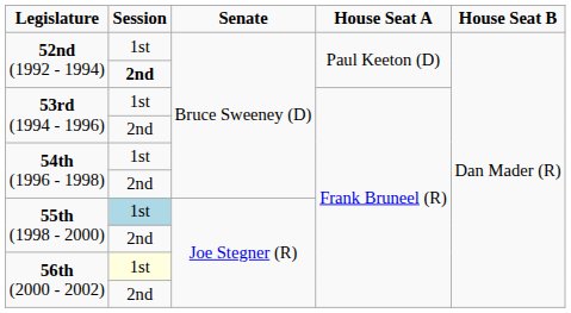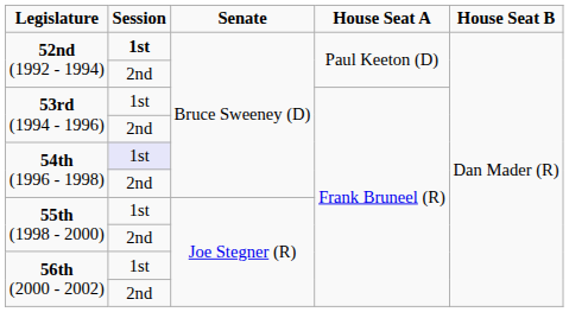 <table class=wikitable style="text-align:center">
 <tr>
 <td><strong>Legislature</strong></td>
 <td><strong>Session</strong></td>
 <td><strong>Senate</strong></td>
 <td><strong>House Seat A</strong></td>
 <td><strong>House Seat B</strong></td>
 </tr>
 <tr>
 <td rowspan="2" colspan="1" style="text-align: center;"><strong>52nd</strong> <br> (1992 - 1994)</td>
-<td>1st</td>
+<td><strong>1st</strong></td>
 <td rowspan="6" colspan="1" style="text-align: center;" >Bruce Sweeney (D)</td>
 <td rowspan="2" colspan="1" style="text-align: center;" >Paul Keeton (D)</td>
 <td rowspan="10" colspan="1" style="text-align: center;" >Dan Mader (R)</td>
 </tr>
 <tr>
-<td><strong>2nd</strong></td>
+<td>2nd</td>
 </tr>
 <tr>
 <td rowspan="2" colspan="1" style="text-align: center;"><strong>53rd</strong> <br> (1994 - 1996)</td>
 <td>1st</td>
 <td rowspan="8" colspan="1" style="text-align: center;" ><a href='#'>Frank Bruneel</a> (R)</td>
 </tr>
 <tr>
 <td>2nd</td>
 </tr>
 <tr>
 <td rowspan="2" colspan="1" style="text-align: center;"><strong>54th</strong> <br> (1996 - 1998)</td>
-<td>1st</td>
+<td style="background: lavender;">1st</td>
 </tr>
 <tr>
 <td>2nd</td>
 </tr>
 <tr>
 <td rowspan="2" colspan="1" style="text-align: center;"><strong>55th</strong> <br> (1998 - 2000)</td>
-<td style="background: lightblue;">1st</td>
+<td>1st</td>
 <td rowspan="4" colspan="1" style="text-align: center;" ><a href='#'>Joe Stegner</a> (R)</td>
 </tr>
 <tr>
 <td>2nd</td>
 </tr>
 <tr>
 <td rowspan="2" colspan="1" style="text-align: center;"><strong>56th</strong> <br> (2000 - 2002)</td>
-<td style="background: lightyellow;">1st</td>
+<td>1st</td>
 </tr>
 <tr>
 <td>2nd</td>
 </tr>
 </table>
